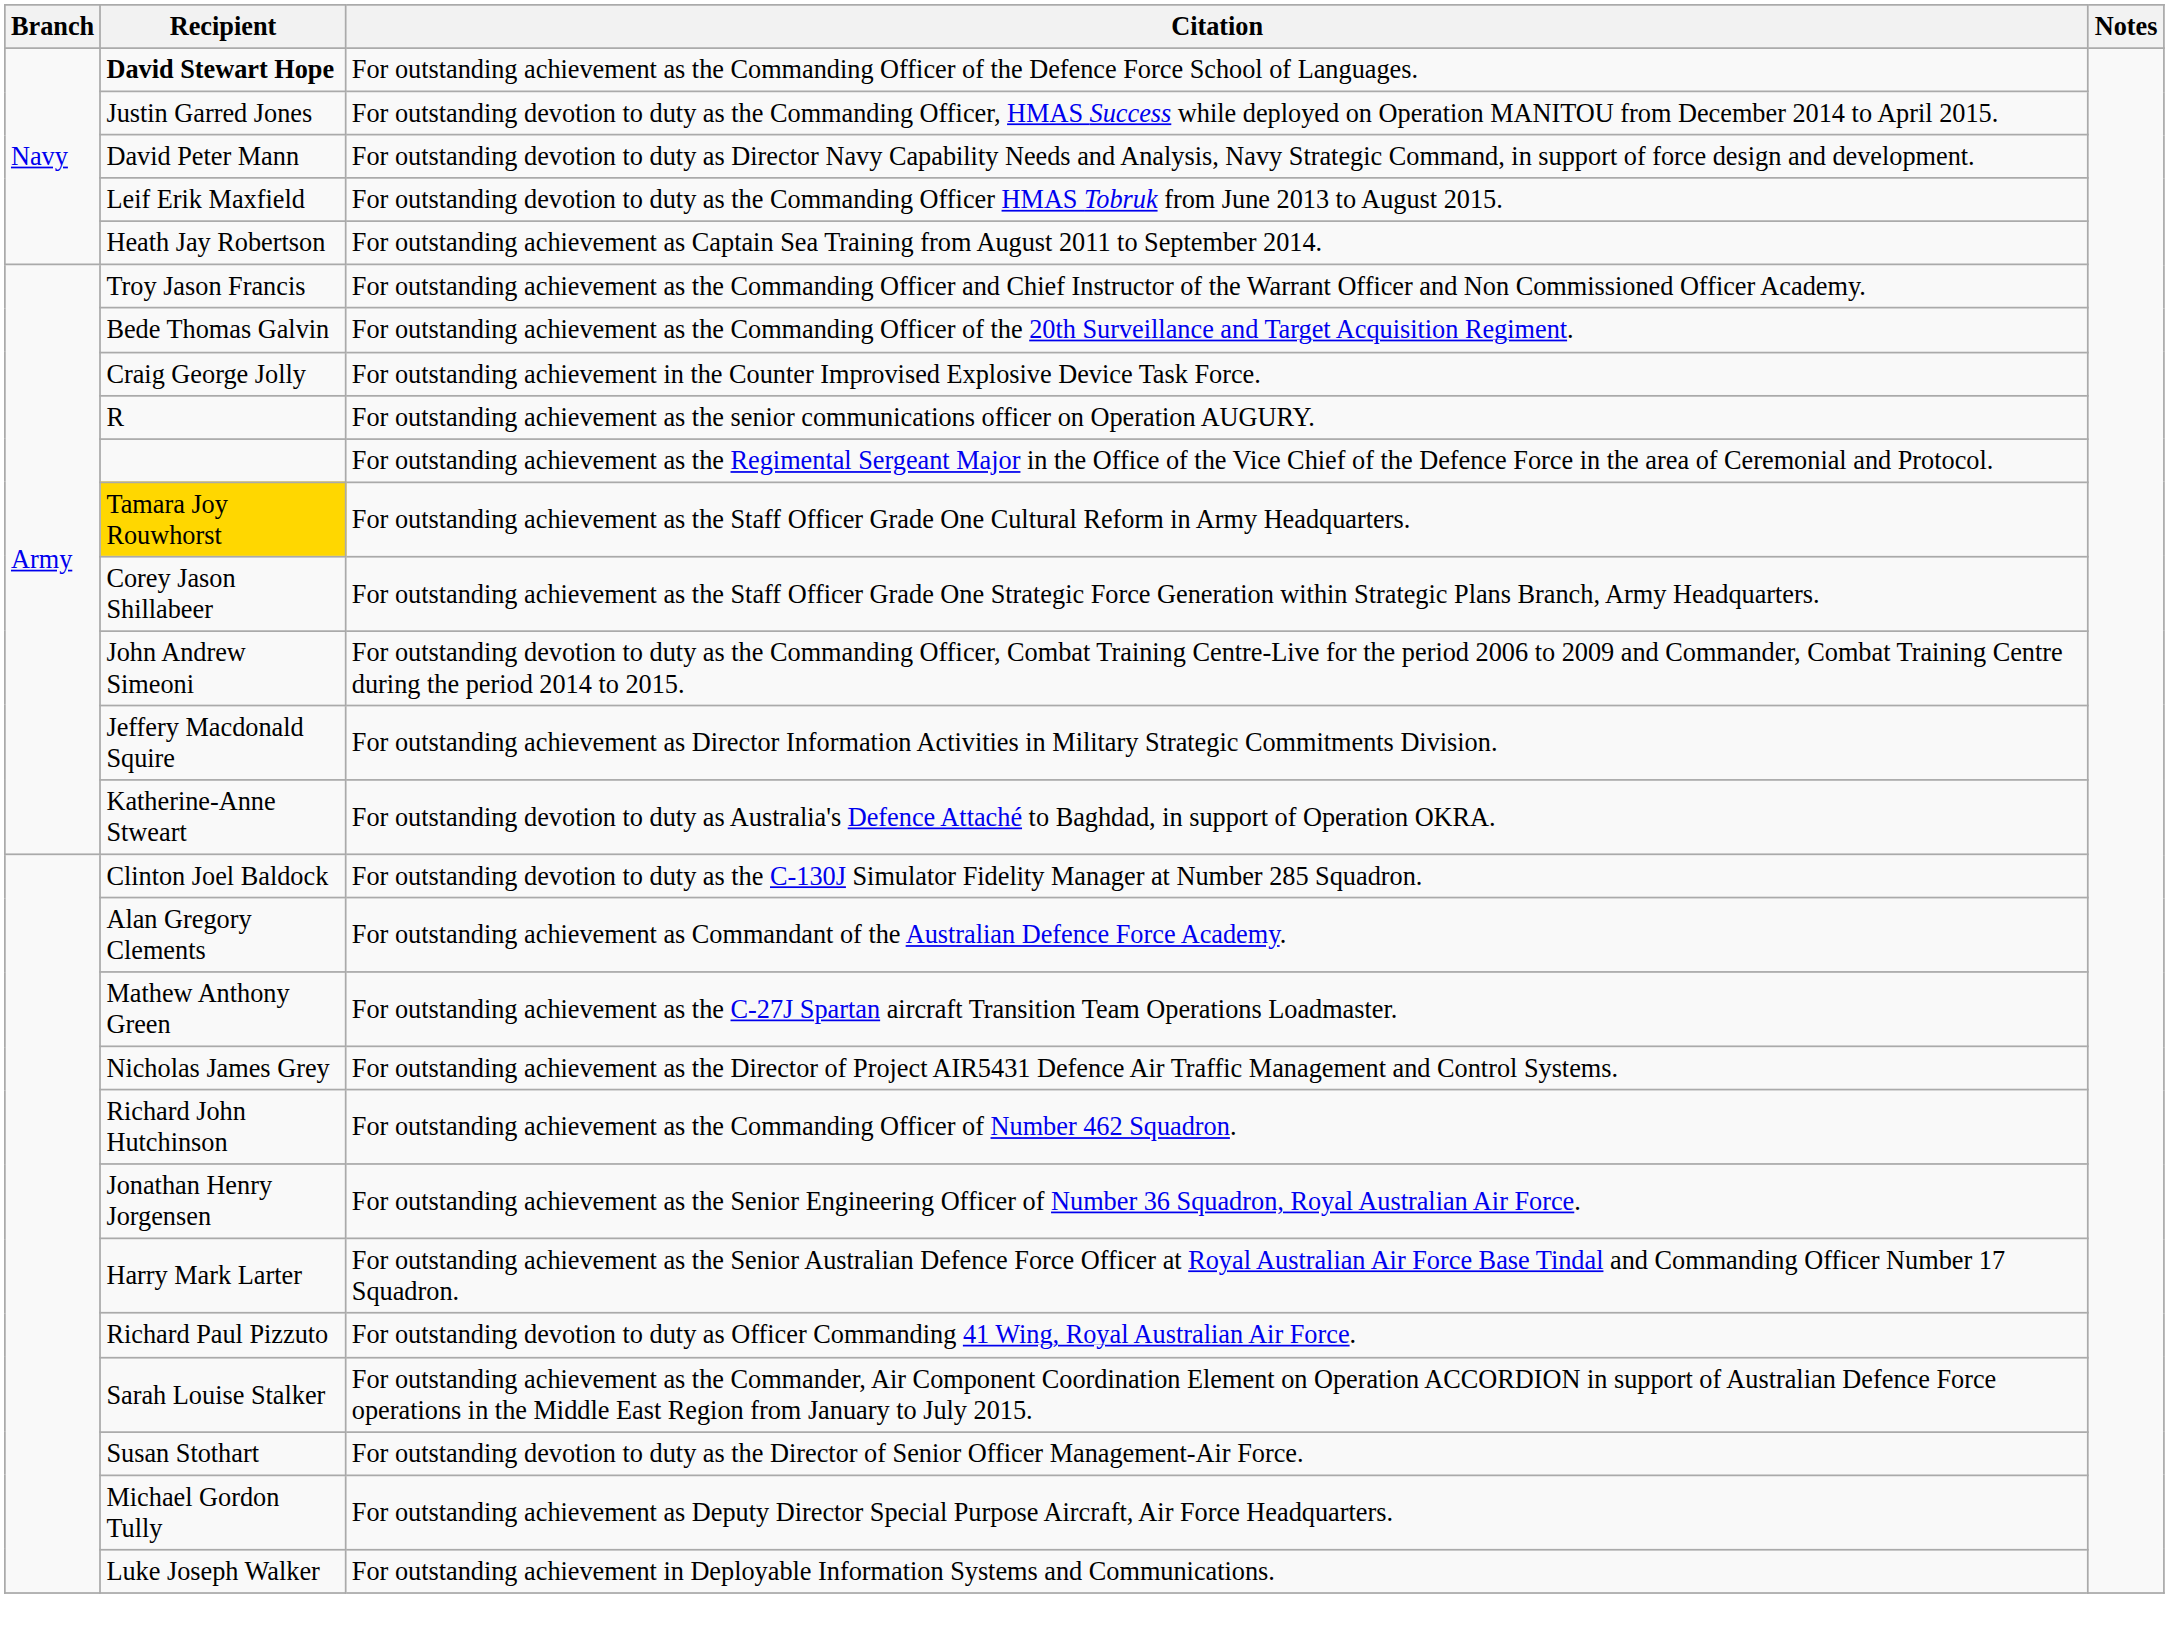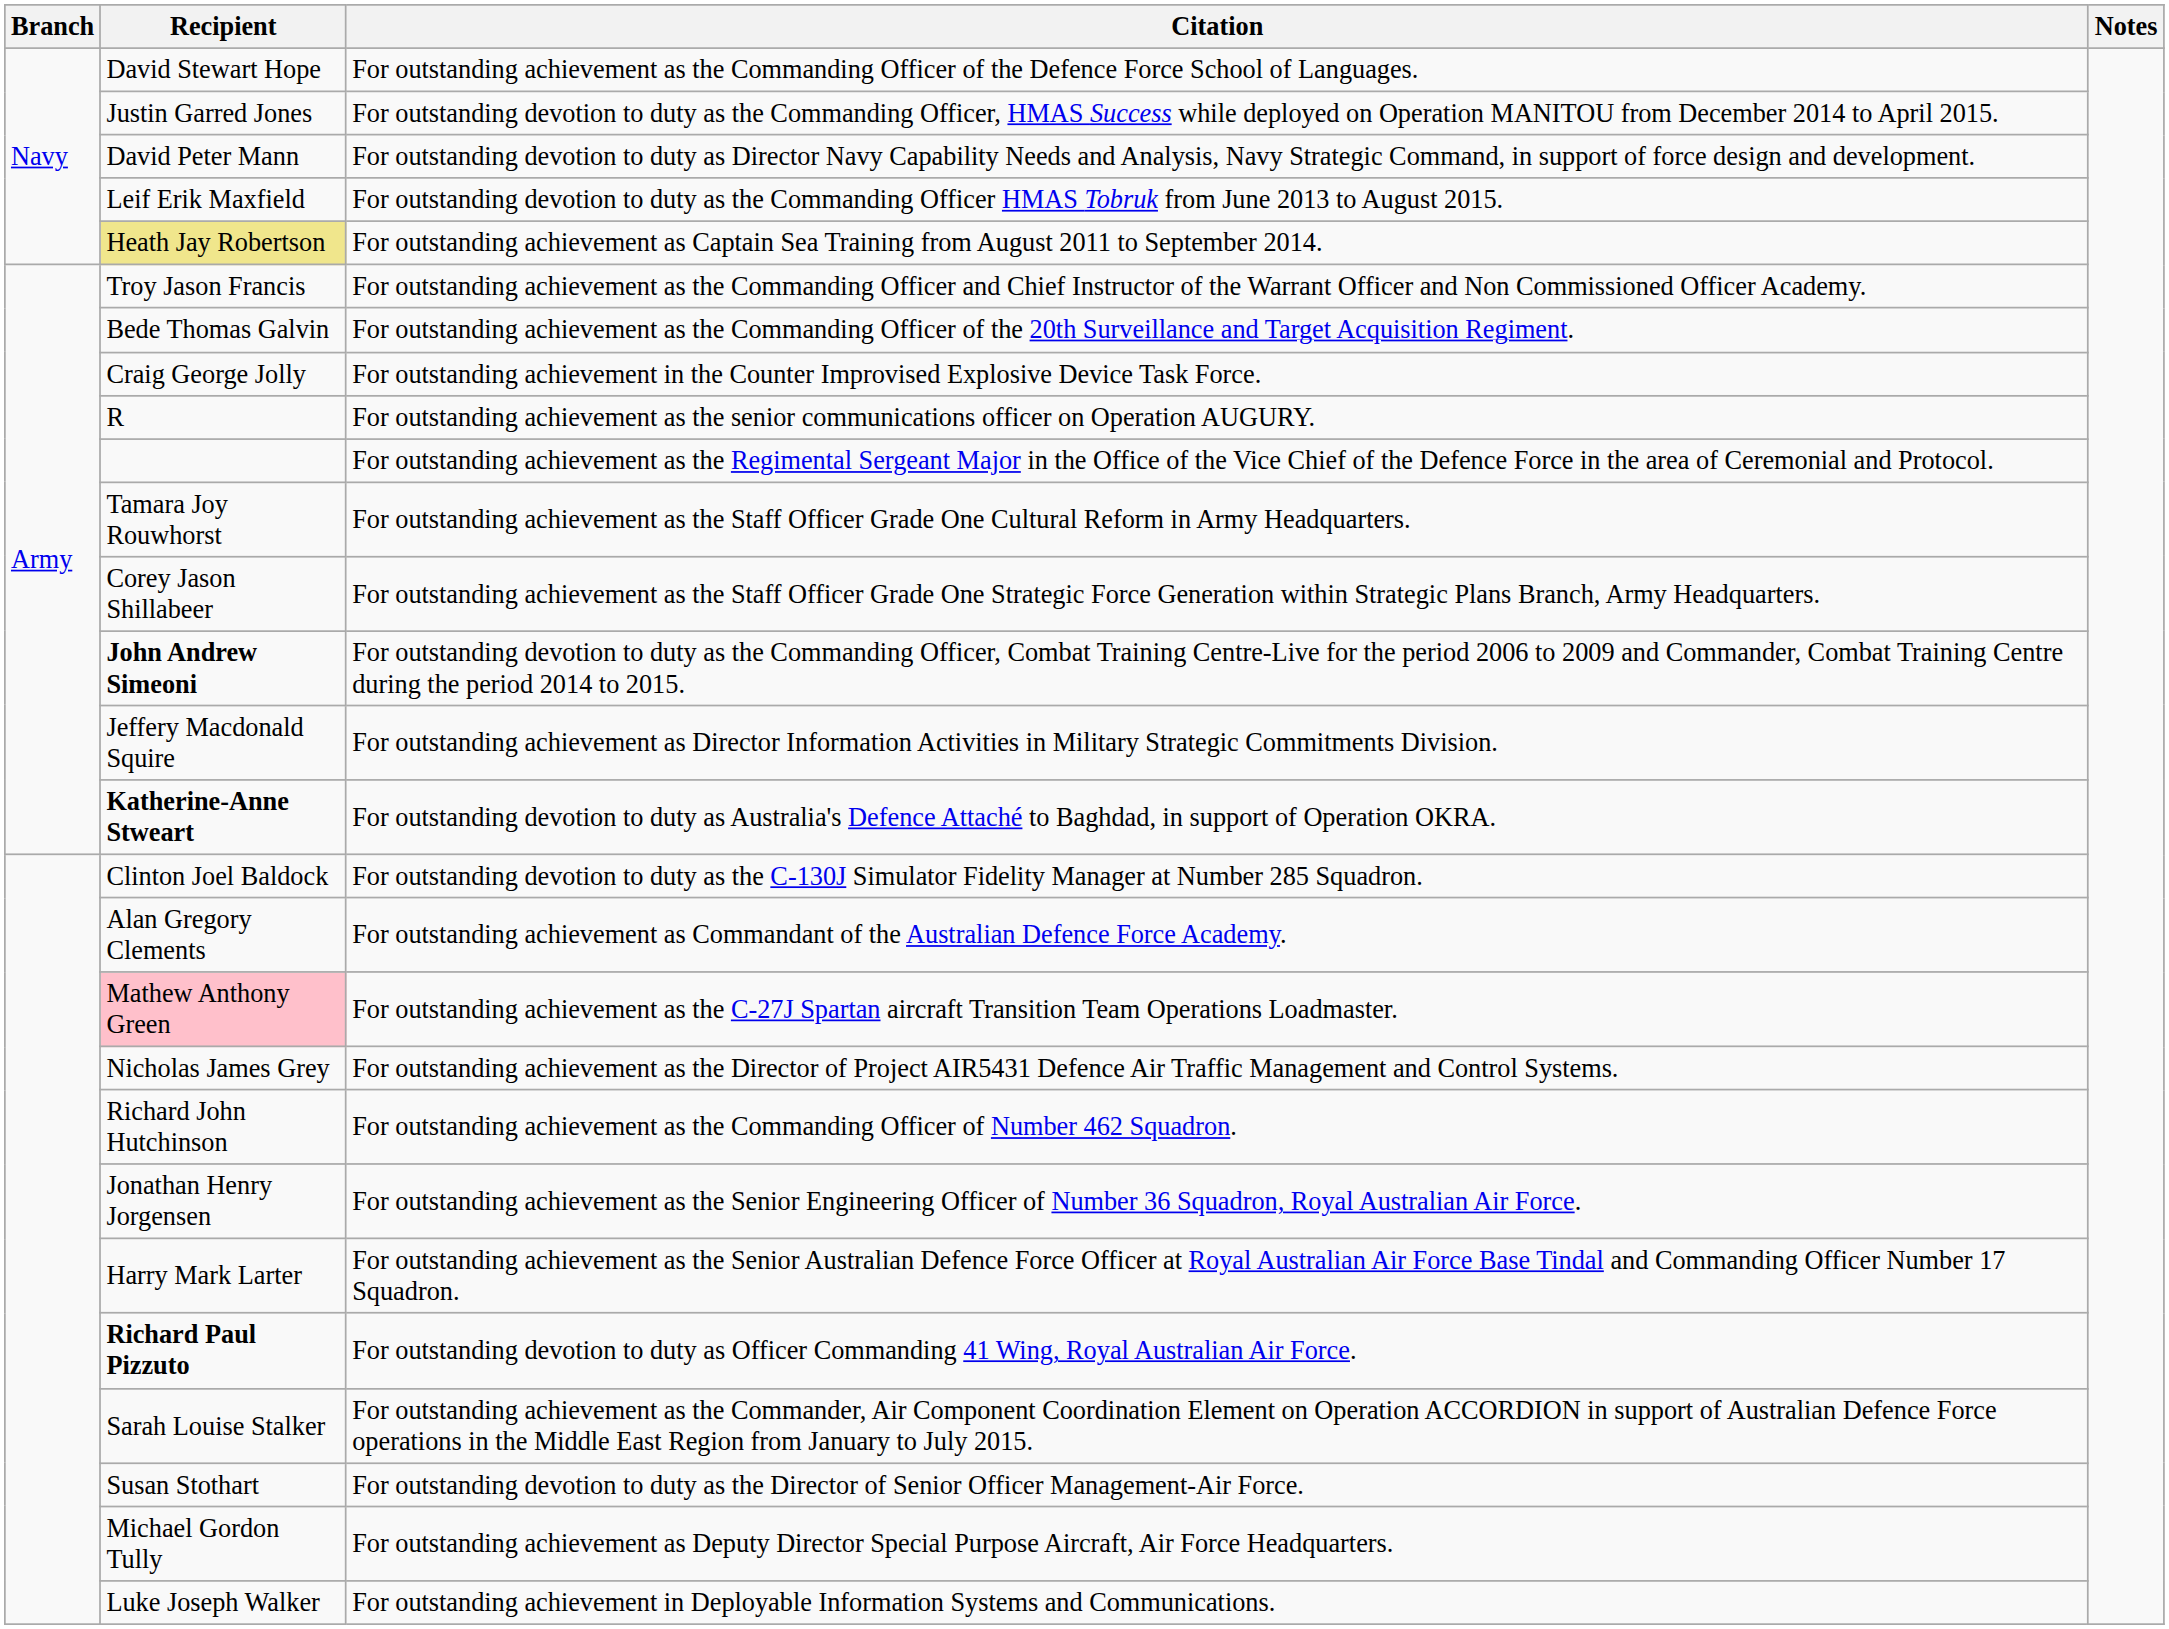 <table class="wikitable" style="font-size:95%;">
 <tr>
 <th>Branch</th>
 <th>Recipient</th>
 <th>Citation</th>
 <th>Notes</th>
 </tr>
 <tr>
 <td rowspan=5><a href='#'>Navy</a></td>
-<td><strong> David Stewart Hope </strong></td>
+<td> David Stewart Hope </td>
 <td>For outstanding achievement as the Commanding Officer of the Defence Force School of Languages.</td>
 <td rowspan=27></td>
 </tr>
 <tr>
 <td> Justin Garred Jones </td>
 <td>For outstanding devotion to duty as the Commanding Officer, <a href='#'>HMAS <em>Success</em></a> while deployed on Operation MANITOU from December 2014 to April 2015.</td>
 </tr>
 <tr>
 <td> David Peter Mann </td>
 <td>For outstanding devotion to duty as Director Navy Capability Needs and Analysis, Navy Strategic Command, in support of force design and development.</td>
 </tr>
 <tr>
 <td> Leif Erik Maxfield </td>
 <td>For outstanding devotion to duty as the Commanding Officer <a href='#'>HMAS <em>Tobruk</em></a> from June 2013 to August 2015.</td>
 </tr>
 <tr>
-<td>  Heath Jay Robertson </td>
+<td style="background: khaki;">  Heath Jay Robertson </td>
 <td>For outstanding achievement as Captain Sea Training from August 2011 to September 2014.</td>
 </tr>
 <tr>
 <td rowspan=10><a href='#'>Army</a></td>
 <td> Troy Jason Francis</td>
 <td>For outstanding achievement as the Commanding Officer and Chief Instructor of the Warrant Officer and Non Commissioned Officer Academy.</td>
 </tr>
 <tr>
 <td> Bede Thomas Galvin</td>
 <td>For outstanding achievement as the Commanding Officer of the <a href='#'>20th Surveillance and Target Acquisition Regiment</a>.</td>
 </tr>
 <tr>
 <td> Craig George Jolly</td>
 <td>For outstanding achievement in the Counter Improvised Explosive Device Task Force.</td>
 </tr>
 <tr>
 <td> R</td>
 <td>For outstanding achievement as the senior communications officer on Operation AUGURY.</td>
 </tr>
 <tr>
 <td></td>
 <td>For outstanding achievement as the <a href='#'>Regimental Sergeant Major</a> in the Office of the Vice Chief of the Defence Force in the area of Ceremonial and Protocol.</td>
 </tr>
 <tr>
-<td style="background: gold;"> Tamara Joy Rouwhorst</td>
+<td> Tamara Joy Rouwhorst</td>
 <td>For outstanding achievement as the Staff Officer Grade One Cultural Reform in Army Headquarters.</td>
 </tr>
 <tr>
 <td> Corey Jason Shillabeer</td>
 <td>For outstanding achievement as the Staff Officer Grade One Strategic Force Generation within Strategic Plans Branch, Army Headquarters.</td>
 </tr>
 <tr>
-<td> John Andrew Simeoni</td>
+<td><strong> John Andrew Simeoni</strong></td>
 <td>For outstanding devotion to duty as the Commanding Officer, Combat Training Centre-Live for the period 2006 to 2009 and Commander, Combat Training Centre during the period 2014 to 2015.</td>
 </tr>
 <tr>
 <td> Jeffery Macdonald Squire</td>
 <td>For outstanding achievement as Director Information Activities in Military Strategic Commitments Division.</td>
 </tr>
 <tr>
-<td> Katherine-Anne Stweart</td>
+<td><strong> Katherine-Anne Stweart</strong></td>
 <td>For outstanding devotion to duty as Australia's <a href='#'>Defence Attaché</a> to Baghdad, in support of Operation OKRA.</td>
 </tr>
 <tr>
 <td rowspan=12></td>
 <td> Clinton Joel Baldock</td>
 <td>For outstanding devotion to duty as the <a href='#'>C-130J</a> Simulator Fidelity Manager at Number 285 Squadron.</td>
 </tr>
 <tr>
 <td> Alan Gregory Clements</td>
 <td>For outstanding achievement as Commandant of the <a href='#'>Australian Defence Force Academy</a>.</td>
 </tr>
 <tr>
-<td> Mathew Anthony Green</td>
+<td style="background: pink;"> Mathew Anthony Green</td>
 <td>For outstanding achievement as the <a href='#'>C-27J Spartan</a> aircraft Transition Team Operations Loadmaster.</td>
 </tr>
 <tr>
 <td> Nicholas James Grey</td>
 <td>For outstanding achievement as the Director of Project AIR5431 Defence Air Traffic Management and Control Systems.</td>
 </tr>
 <tr>
 <td> Richard John Hutchinson</td>
 <td>For outstanding achievement as the Commanding Officer of <a href='#'>Number 462 Squadron</a>.</td>
 </tr>
 <tr>
 <td> Jonathan Henry Jorgensen</td>
 <td>For outstanding achievement as the Senior Engineering Officer of <a href='#'>Number 36 Squadron, Royal Australian Air Force</a>.</td>
 </tr>
 <tr>
 <td> Harry Mark Larter</td>
 <td>For outstanding achievement as the Senior Australian Defence Force Officer at <a href='#'>Royal Australian Air Force Base Tindal</a> and Commanding Officer Number 17 Squadron.</td>
 </tr>
 <tr>
-<td> Richard Paul Pizzuto</td>
+<td><strong> Richard Paul Pizzuto</strong></td>
 <td>For outstanding devotion to duty as Officer Commanding <a href='#'>41 Wing, Royal Australian Air Force</a>.</td>
 </tr>
 <tr>
 <td> Sarah Louise Stalker</td>
 <td>For outstanding achievement as the Commander, Air Component Coordination Element on Operation ACCORDION in support of Australian Defence Force operations in the Middle East Region from January to July 2015.</td>
 </tr>
 <tr>
 <td> Susan Stothart</td>
 <td>For outstanding devotion to duty as the Director of Senior Officer Management-Air Force.</td>
 </tr>
 <tr>
 <td> Michael Gordon Tully</td>
 <td>For outstanding achievement as Deputy Director Special Purpose Aircraft, Air Force Headquarters.</td>
 </tr>
 <tr>
 <td> Luke Joseph Walker</td>
 <td>For outstanding achievement in Deployable Information Systems and Communications.</td>
 </tr>
 </table>
